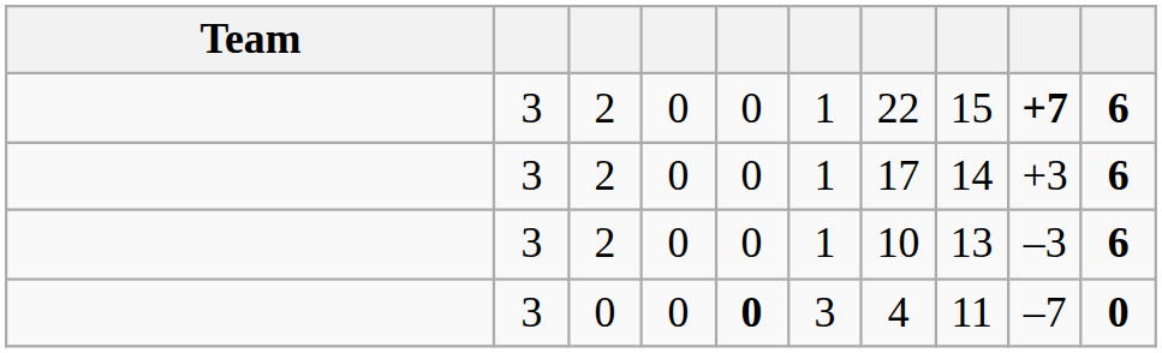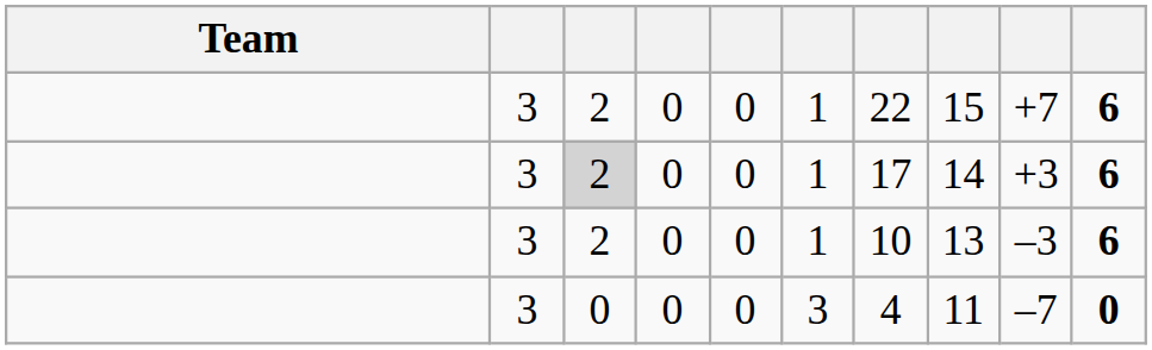 <table class="wikitable" style="text-align: center;">
 <tr>
 <th style="width:175px;">Team</th>
 <th width="20"></th>
 <th width="20"></th>
 <th width="20"></th>
 <th width="20"></th>
 <th width="20"></th>
 <th width="20"></th>
 <th width="20"></th>
 <th width="20"></th>
 <th width="20"></th>
 </tr>
 <tr -bgcolor=#ccffcc>
 <td align=left></td>
 <td>3</td>
 <td>2</td>
 <td>0</td>
 <td>0</td>
 <td>1</td>
 <td>22</td>
 <td>15</td>
-<td><strong>+7</strong></td>
+<td>+7</td>
 <td><strong>6</strong></td>
 </tr>
 <tr>
 <td align=left></td>
 <td>3</td>
-<td>2</td>
+<td style="background: lightgrey;">2</td>
 <td>0</td>
 <td>0</td>
 <td>1</td>
 <td>17</td>
 <td>14</td>
 <td>+3</td>
 <td><strong>6</strong></td>
 </tr>
 <tr>
 <td align=left></td>
 <td>3</td>
 <td>2</td>
 <td>0</td>
 <td>0</td>
 <td>1</td>
 <td>10</td>
 <td>13</td>
 <td>–3</td>
 <td><strong>6</strong></td>
 </tr>
 <tr>
 <td align=left></td>
 <td>3</td>
 <td>0</td>
 <td>0</td>
-<td><strong>0</strong></td>
+<td>0</td>
 <td>3</td>
 <td>4</td>
 <td>11</td>
 <td>–7</td>
 <td><strong>0</strong></td>
 </tr>
 </table>
